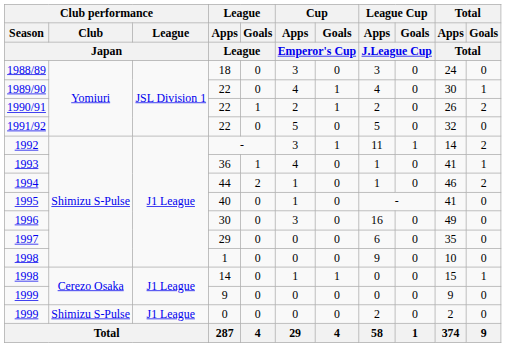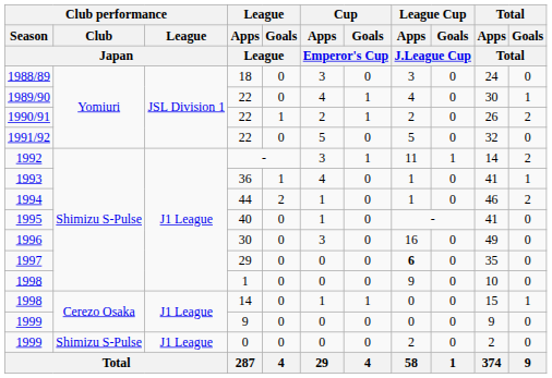 <table class="wikitable" style="text-align:center;">
 <tr>
 <th colspan=3>Club performance</th>
 <th colspan=2>League</th>
 <th colspan=2>Cup</th>
 <th colspan=2>League Cup</th>
 <th colspan=2>Total</th>
 </tr>
 <tr>
 <th>Season</th>
 <th>Club</th>
 <th>League</th>
 <th>Apps</th>
 <th>Goals</th>
 <th>Apps</th>
 <th>Goals</th>
 <th>Apps</th>
 <th>Goals</th>
 <th>Apps</th>
 <th>Goals</th>
 </tr>
 <tr>
 <th colspan=3>Japan</th>
 <th colspan=2>League</th>
 <th colspan=2><a href='#'>Emperor's Cup</a></th>
 <th colspan=2><a href='#'>J.League Cup</a></th>
 <th colspan=2>Total</th>
 </tr>
 <tr>
 <td><a href='#'>1988/89</a></td>
 <td rowspan="4"><a href='#'>Yomiuri</a></td>
 <td rowspan="4"><a href='#'>JSL Division 1</a></td>
 <td>18</td>
 <td>0</td>
 <td>3</td>
 <td>0</td>
 <td>3</td>
 <td>0</td>
 <td>24</td>
 <td>0</td>
 </tr>
 <tr>
 <td><a href='#'>1989/90</a></td>
 <td>22</td>
 <td>0</td>
 <td>4</td>
 <td>1</td>
 <td>4</td>
 <td>0</td>
 <td>30</td>
 <td>1</td>
 </tr>
 <tr>
 <td><a href='#'>1990/91</a></td>
 <td>22</td>
 <td>1</td>
 <td>2</td>
 <td>1</td>
 <td>2</td>
 <td>0</td>
 <td>26</td>
 <td>2</td>
 </tr>
 <tr>
 <td><a href='#'>1991/92</a></td>
 <td>22</td>
 <td>0</td>
 <td>5</td>
 <td>0</td>
 <td>5</td>
 <td>0</td>
 <td>32</td>
 <td>0</td>
 </tr>
 <tr>
 <td><a href='#'>1992</a></td>
 <td rowspan="7"><a href='#'>Shimizu S-Pulse</a></td>
 <td rowspan="7"><a href='#'>J1 League</a></td>
 <td colspan="2">-</td>
 <td>3</td>
 <td>1</td>
 <td>11</td>
 <td>1</td>
 <td>14</td>
 <td>2</td>
 </tr>
 <tr>
 <td><a href='#'>1993</a></td>
 <td>36</td>
 <td>1</td>
 <td>4</td>
 <td>0</td>
 <td>1</td>
 <td>0</td>
 <td>41</td>
 <td>1</td>
 </tr>
 <tr>
 <td><a href='#'>1994</a></td>
 <td>44</td>
 <td>2</td>
 <td>1</td>
 <td>0</td>
 <td>1</td>
 <td>0</td>
 <td>46</td>
 <td>2</td>
 </tr>
 <tr>
 <td><a href='#'>1995</a></td>
 <td>40</td>
 <td>0</td>
 <td>1</td>
 <td>0</td>
 <td colspan="2">-</td>
 <td>41</td>
 <td>0</td>
 </tr>
 <tr>
 <td><a href='#'>1996</a></td>
 <td>30</td>
 <td>0</td>
 <td>3</td>
 <td>0</td>
 <td>16</td>
 <td>0</td>
 <td>49</td>
 <td>0</td>
 </tr>
 <tr>
 <td><a href='#'>1997</a></td>
 <td>29</td>
 <td>0</td>
 <td>0</td>
 <td>0</td>
-<td>6</td>
+<td><strong>6</strong></td>
 <td>0</td>
 <td>35</td>
 <td>0</td>
 </tr>
 <tr>
 <td><a href='#'>1998</a></td>
 <td>1</td>
 <td>0</td>
 <td>0</td>
 <td>0</td>
 <td>9</td>
 <td>0</td>
 <td>10</td>
 <td>0</td>
 </tr>
 <tr>
 <td><a href='#'>1998</a></td>
 <td rowspan="2"><a href='#'>Cerezo Osaka</a></td>
 <td rowspan="2"><a href='#'>J1 League</a></td>
 <td>14</td>
 <td>0</td>
 <td>1</td>
 <td>1</td>
 <td>0</td>
 <td>0</td>
 <td>15</td>
 <td>1</td>
 </tr>
 <tr>
 <td><a href='#'>1999</a></td>
 <td>9</td>
 <td>0</td>
 <td>0</td>
 <td>0</td>
 <td>0</td>
 <td>0</td>
 <td>9</td>
 <td>0</td>
 </tr>
 <tr>
 <td><a href='#'>1999</a></td>
 <td><a href='#'>Shimizu S-Pulse</a></td>
 <td><a href='#'>J1 League</a></td>
 <td>0</td>
 <td>0</td>
 <td>0</td>
 <td>0</td>
 <td>2</td>
 <td>0</td>
 <td>2</td>
 <td>0</td>
 </tr>
 <tr>
 <th colspan=3>Total</th>
 <th>287</th>
 <th>4</th>
 <th>29</th>
 <th>4</th>
 <th>58</th>
 <th>1</th>
 <th>374</th>
 <th>9</th>
 </tr>
 </table>
